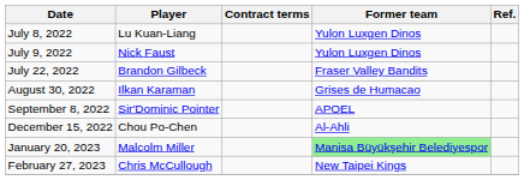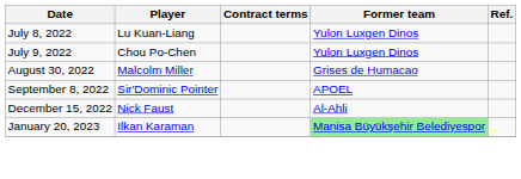 <table class="wikitable">
 <tr>
 <th>Date</th>
 <th>Player</th>
 <th>Contract terms</th>
 <th>Former team</th>
 <th>Ref.</th>
 </tr>
 <tr>
 <td>July 8, 2022</td>
 <td>Lu Kuan-Liang</td>
 <td></td>
 <td><a href='#'>Yulon Luxgen Dinos</a></td>
 <td></td>
 </tr>
 <tr>
 <td>July 9, 2022</td>
-<td><a href='#'>Nick Faust</a></td>
+<td>Chou Po-Chen</td>
 <td></td>
 <td><a href='#'>Yulon Luxgen Dinos</a></td>
 <td></td>
 </tr>
 <tr>
-<td>July 22, 2022</td>
-<td><a href='#'>Brandon Gilbeck</a></td>
-<td></td>
-<td><a href='#'>Fraser Valley Bandits</a></td>
-<td></td>
-</tr>
-<tr>
 <td>August 30, 2022</td>
-<td><a href='#'>Ilkan Karaman</a></td>
+<td><a href='#'>Malcolm Miller</a></td>
 <td></td>
 <td><a href='#'>Grises de Humacao</a></td>
 <td></td>
 </tr>
 <tr>
 <td>September 8, 2022</td>
 <td><a href='#'>Sir'Dominic Pointer</a></td>
 <td></td>
 <td><a href='#'>APOEL</a></td>
 <td></td>
 </tr>
 <tr>
 <td>December 15, 2022</td>
-<td>Chou Po-Chen</td>
+<td><a href='#'>Nick Faust</a></td>
 <td></td>
 <td><a href='#'>Al-Ahli</a></td>
 <td></td>
 </tr>
 <tr>
 <td>January 20, 2023</td>
-<td><a href='#'>Malcolm Miller</a></td>
+<td><a href='#'>Ilkan Karaman</a></td>
 <td></td>
 <td style="background: lightgreen;"><a href='#'>Manisa Büyükşehir Belediyespor</a></td>
 <td></td>
 </tr>
 <tr>
-<td>February 27, 2023</td>
-<td><a href='#'>Chris McCullough</a></td>
-<td></td>
-<td><a href='#'>New Taipei Kings</a></td>
-<td></td>
-</tr>
-<tr>
 </tr>
 </table>
